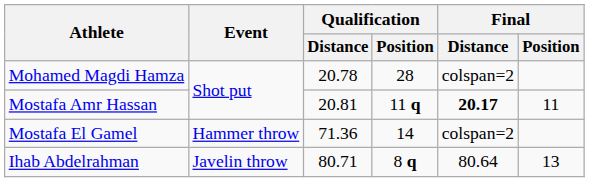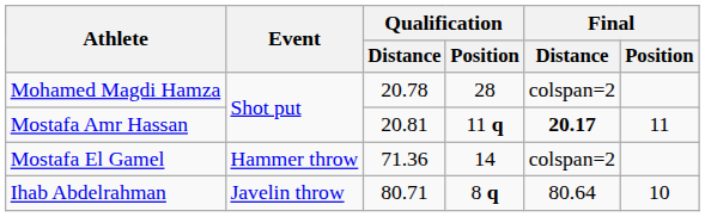 <table class=wikitable style=font-size:90%>
 <tr>
 <th rowspan=2>Athlete</th>
 <th rowspan=2>Event</th>
 <th colspan=2>Qualification</th>
 <th colspan=2>Final</th>
 </tr>
 <tr style=font-size:95%>
 <th>Distance</th>
 <th>Position</th>
 <th>Distance</th>
 <th>Position</th>
 </tr>
 <tr align=center>
 <td align=left><a href='#'>Mohamed Magdi Hamza</a></td>
 <td align=left rowspan=2><a href='#'>Shot put</a></td>
 <td>20.78</td>
 <td>28</td>
 <td>colspan=2 </td>
 </tr>
 <tr align=center>
 <td align=left><a href='#'>Mostafa Amr Hassan</a></td>
 <td>20.81</td>
 <td>11 <strong>q</strong></td>
 <td><strong>20.17</strong></td>
 <td>11</td>
 </tr>
 <tr align=center>
 <td align=left><a href='#'>Mostafa El Gamel</a></td>
 <td align=left><a href='#'>Hammer throw</a></td>
 <td>71.36</td>
 <td>14</td>
 <td>colspan=2 </td>
 </tr>
 <tr align=center>
 <td align=left><a href='#'>Ihab Abdelrahman</a></td>
 <td align=left><a href='#'>Javelin throw</a></td>
 <td>80.71</td>
 <td>8 <strong>q</strong></td>
 <td>80.64</td>
-<td>13</td>
+<td>10</td>
 </tr>
 </table>
